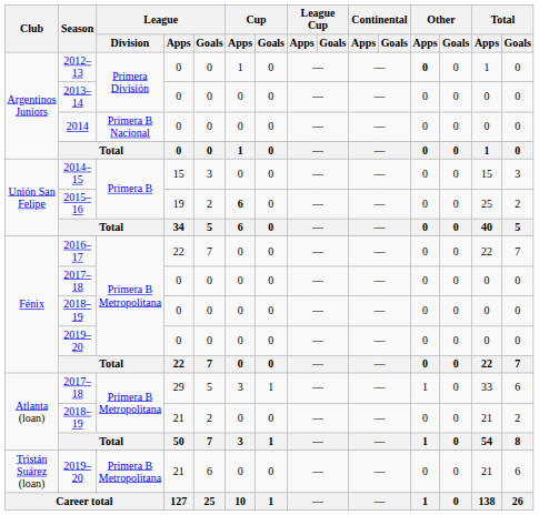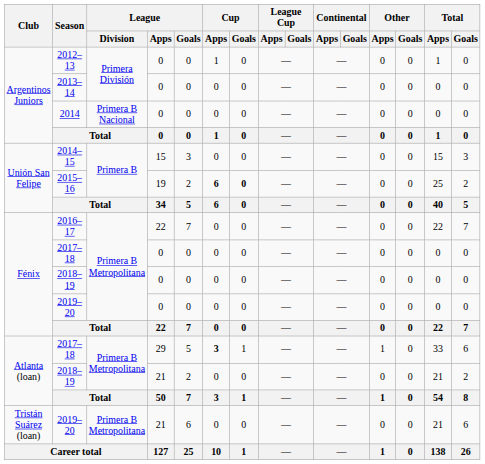 <table class="wikitable" style="text-align:center">
 <tr>
 <th rowspan="2">Club</th>
 <th rowspan="2">Season</th>
 <th colspan="3">League</th>
 <th colspan="2">Cup</th>
 <th colspan="2">League Cup</th>
 <th colspan="2">Continental</th>
 <th colspan="2">Other</th>
 <th colspan="2">Total</th>
 </tr>
 <tr>
 <th>Division</th>
 <th>Apps</th>
 <th>Goals</th>
 <th>Apps</th>
 <th>Goals</th>
 <th>Apps</th>
 <th>Goals</th>
 <th>Apps</th>
 <th>Goals</th>
 <th>Apps</th>
 <th>Goals</th>
 <th>Apps</th>
 <th>Goals</th>
 </tr>
 <tr>
 <td rowspan="4"><a href='#'>Argentinos Juniors</a></td>
 <td><a href='#'>2012–13</a></td>
 <td rowspan="2"><a href='#'>Primera División</a></td>
 <td>0</td>
 <td>0</td>
 <td>1</td>
 <td>0</td>
 <td colspan="2">—</td>
 <td colspan="2">—</td>
-<td><strong>0</strong></td>
+<td>0</td>
 <td>0</td>
 <td>1</td>
 <td>0</td>
 </tr>
 <tr>
 <td><a href='#'>2013–14</a></td>
 <td>0</td>
 <td>0</td>
 <td>0</td>
 <td>0</td>
 <td colspan="2">—</td>
 <td colspan="2">—</td>
 <td>0</td>
 <td>0</td>
 <td>0</td>
 <td>0</td>
 </tr>
 <tr>
 <td><a href='#'>2014</a></td>
 <td rowspan="1"><a href='#'>Primera B Nacional</a></td>
 <td>0</td>
 <td>0</td>
 <td>0</td>
 <td>0</td>
 <td colspan="2">—</td>
 <td colspan="2">—</td>
 <td>0</td>
 <td>0</td>
 <td>0</td>
 <td>0</td>
 </tr>
 <tr>
 <th colspan="2">Total</th>
 <th>0</th>
 <th>0</th>
 <th>1</th>
 <th>0</th>
 <th colspan="2">—</th>
 <th colspan="2">—</th>
 <th>0</th>
 <th>0</th>
 <th>1</th>
 <th>0</th>
 </tr>
 <tr>
 <td rowspan="3"><a href='#'>Unión San Felipe</a></td>
 <td><a href='#'>2014–15</a></td>
 <td rowspan="2"><a href='#'>Primera B</a></td>
 <td>15</td>
 <td>3</td>
 <td>0</td>
 <td>0</td>
 <td colspan="2">—</td>
 <td colspan="2">—</td>
 <td>0</td>
 <td>0</td>
 <td>15</td>
 <td>3</td>
 </tr>
 <tr>
 <td><a href='#'>2015–16</a></td>
 <td>19</td>
 <td>2</td>
 <td><strong>6</strong></td>
-<td>0</td>
+<td><strong>0</strong></td>
 <td colspan="2">—</td>
 <td colspan="2">—</td>
 <td>0</td>
 <td>0</td>
 <td>25</td>
 <td>2</td>
 </tr>
 <tr>
 <th colspan="2">Total</th>
 <th>34</th>
 <th>5</th>
 <th>6</th>
 <th>0</th>
 <th colspan="2">—</th>
 <th colspan="2">—</th>
 <th>0</th>
 <th>0</th>
 <th>40</th>
 <th>5</th>
 </tr>
 <tr>
 <td rowspan="5"><a href='#'>Fénix</a></td>
 <td><a href='#'>2016–17</a></td>
 <td rowspan="4"><a href='#'>Primera B Metropolitana</a></td>
 <td>22</td>
 <td>7</td>
 <td>0</td>
 <td>0</td>
 <td colspan="2">—</td>
 <td colspan="2">—</td>
 <td>0</td>
 <td>0</td>
 <td>22</td>
 <td>7</td>
 </tr>
 <tr>
 <td><a href='#'>2017–18</a></td>
 <td>0</td>
 <td>0</td>
 <td>0</td>
 <td>0</td>
 <td colspan="2">—</td>
 <td colspan="2">—</td>
 <td>0</td>
 <td>0</td>
 <td>0</td>
 <td>0</td>
 </tr>
 <tr>
 <td><a href='#'>2018–19</a></td>
 <td>0</td>
 <td>0</td>
 <td>0</td>
 <td>0</td>
 <td colspan="2">—</td>
 <td colspan="2">—</td>
 <td>0</td>
 <td>0</td>
 <td>0</td>
 <td>0</td>
 </tr>
 <tr>
 <td><a href='#'>2019–20</a></td>
 <td>0</td>
 <td>0</td>
 <td>0</td>
 <td>0</td>
 <td colspan="2">—</td>
 <td colspan="2">—</td>
 <td>0</td>
 <td>0</td>
 <td>0</td>
 <td>0</td>
 </tr>
 <tr>
 <th colspan="2">Total</th>
 <th>22</th>
 <th>7</th>
 <th>0</th>
 <th>0</th>
 <th colspan="2">—</th>
 <th colspan="2">—</th>
 <th>0</th>
 <th>0</th>
 <th>22</th>
 <th>7</th>
 </tr>
 <tr>
 <td rowspan="3"><a href='#'>Atlanta</a> (loan)</td>
 <td><a href='#'>2017–18</a></td>
 <td rowspan="2"><a href='#'>Primera B Metropolitana</a></td>
 <td>29</td>
 <td>5</td>
-<td>3</td>
+<td><strong>3</strong></td>
 <td>1</td>
 <td colspan="2">—</td>
 <td colspan="2">—</td>
 <td>1</td>
 <td>0</td>
 <td>33</td>
 <td>6</td>
 </tr>
 <tr>
 <td><a href='#'>2018–19</a></td>
 <td>21</td>
 <td>2</td>
 <td>0</td>
 <td>0</td>
 <td colspan="2">—</td>
 <td colspan="2">—</td>
 <td>0</td>
 <td>0</td>
 <td>21</td>
 <td>2</td>
 </tr>
 <tr>
 <th colspan="2">Total</th>
 <th>50</th>
 <th>7</th>
 <th>3</th>
 <th>1</th>
 <th colspan="2">—</th>
 <th colspan="2">—</th>
 <th>1</th>
 <th>0</th>
 <th>54</th>
 <th>8</th>
 </tr>
 <tr>
 <td rowspan="1"><a href='#'>Tristán Suárez</a> (loan)</td>
 <td><a href='#'>2019–20</a></td>
 <td rowspan="1"><a href='#'>Primera B Metropolitana</a></td>
 <td>21</td>
 <td>6</td>
 <td>0</td>
 <td>0</td>
 <td colspan="2">—</td>
 <td colspan="2">—</td>
 <td>0</td>
 <td>0</td>
 <td>21</td>
 <td>6</td>
 </tr>
 <tr>
 <th colspan="3">Career total</th>
 <th>127</th>
 <th>25</th>
 <th>10</th>
 <th>1</th>
 <th colspan="2">—</th>
 <th colspan="2">—</th>
 <th>1</th>
 <th>0</th>
 <th>138</th>
 <th>26</th>
 </tr>
 </table>
